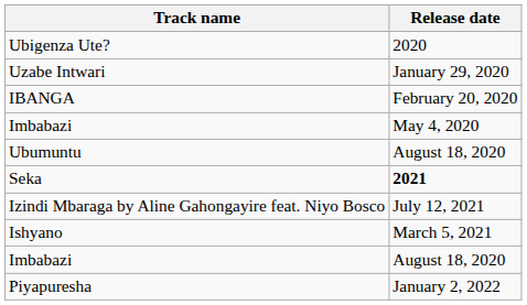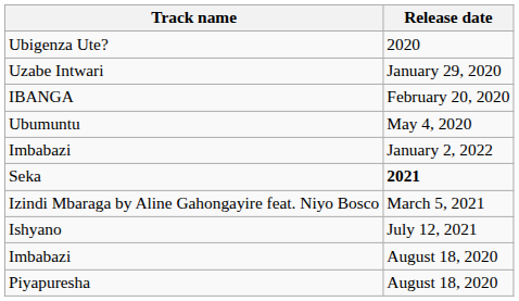 <table class=wikitable>
 <tr>
 <th>Track name</th>
 <th>Release date</th>
 </tr>
 <tr>
 <td>Ubigenza Ute?</td>
 <td>2020</td>
 </tr>
 <tr>
 <td>Uzabe Intwari</td>
 <td>January 29, 2020</td>
 </tr>
 <tr>
 <td>IBANGA</td>
 <td>February 20, 2020</td>
 </tr>
 <tr>
-<td>Imbabazi</td>
+<td>Ubumuntu</td>
 <td>May 4, 2020</td>
 </tr>
 <tr>
-<td>Ubumuntu</td>
-<td>August 18, 2020</td>
+<td>Imbabazi</td>
+<td>January 2, 2022</td>
 </tr>
 <tr>
 <td>Seka</td>
 <td><strong>2021</strong></td>
 </tr>
 <tr>
 <td>Izindi Mbaraga by Aline Gahongayire feat. Niyo Bosco</td>
-<td>July 12, 2021</td>
+<td>March 5, 2021</td>
 </tr>
 <tr>
 <td>Ishyano</td>
-<td>March 5, 2021</td>
+<td>July 12, 2021</td>
 </tr>
 <tr>
 <td>Imbabazi</td>
 <td>August 18, 2020</td>
 </tr>
 <tr>
 <td>Piyapuresha</td>
-<td>January 2, 2022</td>
+<td>August 18, 2020</td>
 </tr>
 </table>
